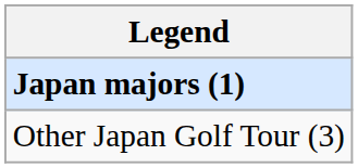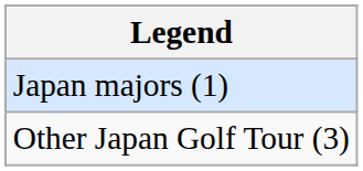 <table class="wikitable" style="font-size:95%;">
 <tr>
 <th>Legend</th>
 </tr>
 <tr style="background:#D6E8FF;">
-<td><strong>Japan majors (1)</strong></td>
+<td>Japan majors (1)</td>
 </tr>
 <tr>
 <td>Other Japan Golf Tour (3)</td>
 </tr>
 </table>
